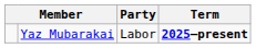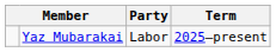 <table class="wikitable">
 <tr>
 <th colspan="2">Member</th>
 <th>Party</th>
 <th>Term</th>
 </tr>
 <tr>
 <td> </td>
 <td><a href='#'>Yaz Mubarakai</a></td>
 <td>Labor</td>
-<td><strong><a href='#'>2025</a>–present</strong></td>
+<td><a href='#'>2025</a>–present</td>
 </tr>
 </table>
